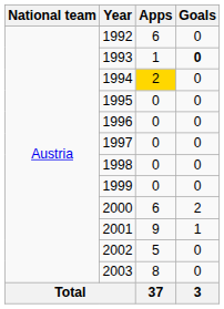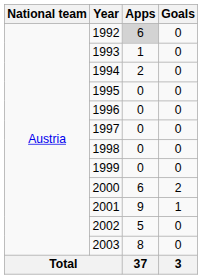 <table class="wikitable" style="text-align:center">
 <tr>
 <th>National team</th>
 <th>Year</th>
 <th>Apps</th>
 <th>Goals</th>
 </tr>
 <tr>
 <td rowspan="12"><a href='#'>Austria</a></td>
 <td>1992</td>
-<td>6</td>
+<td style="background: lightgrey;">6</td>
 <td>0</td>
 </tr>
 <tr>
 <td>1993</td>
 <td>1</td>
-<td><strong>0</strong></td>
+<td>0</td>
 </tr>
 <tr>
 <td>1994</td>
-<td style="background: gold;">2</td>
+<td>2</td>
 <td>0</td>
 </tr>
 <tr>
 <td>1995</td>
 <td>0</td>
 <td>0</td>
 </tr>
 <tr>
 <td>1996</td>
 <td>0</td>
 <td>0</td>
 </tr>
 <tr>
 <td>1997</td>
 <td>0</td>
 <td>0</td>
 </tr>
 <tr>
 <td>1998</td>
 <td>0</td>
 <td>0</td>
 </tr>
 <tr>
 <td>1999</td>
 <td>0</td>
 <td>0</td>
 </tr>
 <tr>
 <td>2000</td>
 <td>6</td>
 <td>2</td>
 </tr>
 <tr>
 <td>2001</td>
 <td>9</td>
 <td>1</td>
 </tr>
 <tr>
 <td>2002</td>
 <td>5</td>
 <td>0</td>
 </tr>
 <tr>
 <td>2003</td>
 <td>8</td>
 <td>0</td>
 </tr>
 <tr>
 <th colspan="2">Total</th>
 <th>37</th>
 <th>3</th>
 </tr>
 </table>
